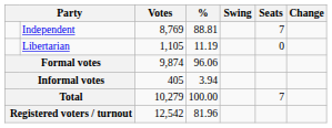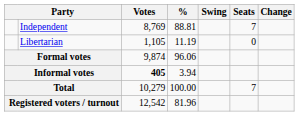 <table class="wikitable" style="text-align:right; margin-bottom:0">
 <tr>
 <th colspan="3" style="width:10px">Party</th>
 <th style="width:70px;">Votes</th>
 <th style="width:40px;">%</th>
 <th style="width:40px;">Swing</th>
 <th style="width:40px;">Seats</th>
 <th style="width:40px;">Change</th>
 </tr>
 <tr>
 <td> </td>
 <td colspan="2" style="text-align:left;"><a href='#'>Independent</a></td>
 <td style="width:70px;">8,769</td>
 <td style="width:40px;">88.81</td>
 <td style="width:45px;"></td>
 <td style="width:40px;">7</td>
 <td style="width:40px;"></td>
 </tr>
 <tr>
 <td> </td>
 <td colspan="2" style="text-align:left;"><a href='#'>Libertarian</a></td>
 <td>1,105</td>
 <td>11.19</td>
 <td></td>
 <td>0</td>
 <td></td>
 </tr>
 <tr>
 <th colspan="3" rowspan="1"> Formal votes</th>
 <td>9,874</td>
 <td>96.06</td>
 <td></td>
 <td></td>
 <td></td>
 </tr>
 <tr>
 <th colspan="3" rowspan="1"> Informal votes</th>
-<td>405</td>
+<td><strong>405</strong></td>
 <td>3.94</td>
 <td></td>
 <td></td>
 <td></td>
 </tr>
 <tr>
 <th colspan="3" rowspan="1"> Total</th>
 <td>10,279</td>
 <td>100.00</td>
 <td></td>
 <td>7</td>
 <td></td>
 </tr>
 <tr>
 <th colspan="3" rowspan="1"> Registered voters / turnout</th>
 <td>12,542</td>
 <td>81.96</td>
 <td></td>
 <td></td>
 <td></td>
 </tr>
 </table>
